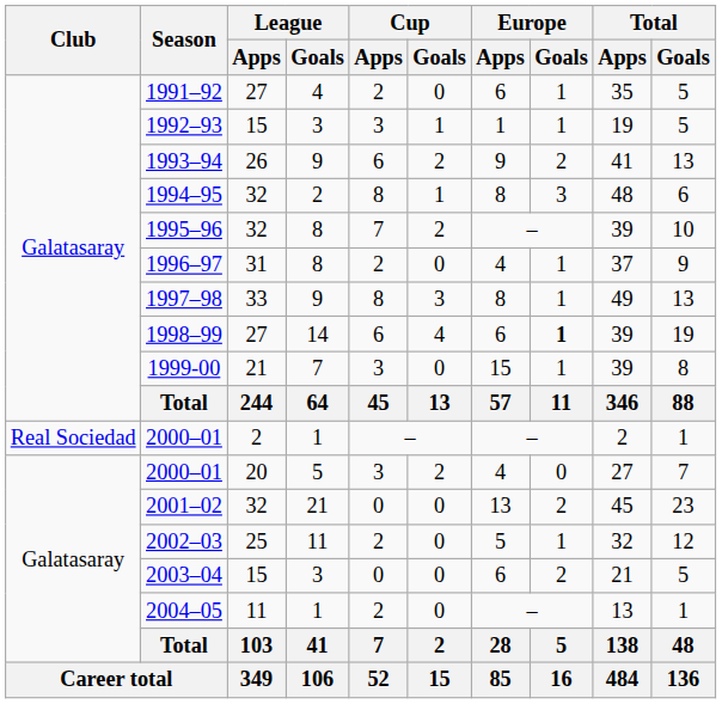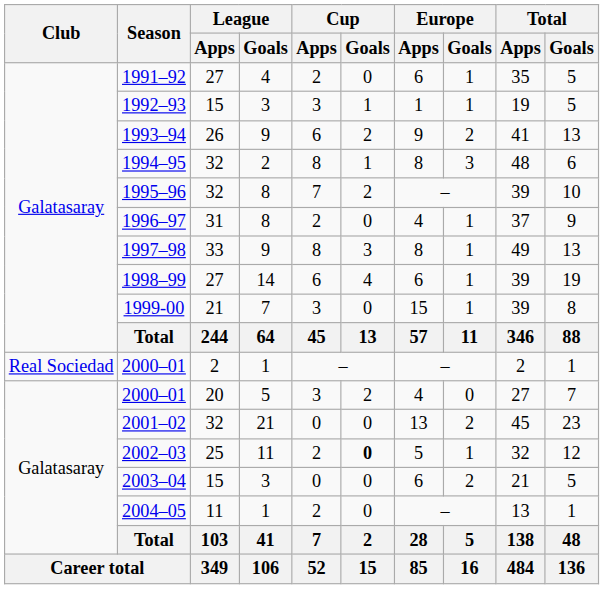 <table class="wikitable" style="text-align:center">
 <tr>
 <th rowspan="2">Club</th>
 <th rowspan="2">Season</th>
 <th colspan="2">League</th>
 <th colspan="2">Cup</th>
 <th colspan="2">Europe</th>
 <th colspan="2">Total</th>
 </tr>
 <tr>
 <th>Apps</th>
 <th>Goals</th>
 <th>Apps</th>
 <th>Goals</th>
 <th>Apps</th>
 <th>Goals</th>
 <th>Apps</th>
 <th>Goals</th>
 </tr>
 <tr>
 <td rowspan="10"><a href='#'>Galatasaray</a></td>
 <td><a href='#'>1991–92</a></td>
 <td>27</td>
 <td>4</td>
 <td>2</td>
 <td>0</td>
 <td>6</td>
 <td>1</td>
 <td>35</td>
 <td>5</td>
 </tr>
 <tr>
 <td><a href='#'>1992–93</a></td>
 <td>15</td>
 <td>3</td>
 <td>3</td>
 <td>1</td>
 <td>1</td>
 <td>1</td>
 <td>19</td>
 <td>5</td>
 </tr>
 <tr>
 <td><a href='#'>1993–94</a></td>
 <td>26</td>
 <td>9</td>
 <td>6</td>
 <td>2</td>
 <td>9</td>
 <td>2</td>
 <td>41</td>
 <td>13</td>
 </tr>
 <tr>
 <td><a href='#'>1994–95</a></td>
 <td>32</td>
 <td>2</td>
 <td>8</td>
 <td>1</td>
 <td>8</td>
 <td>3</td>
 <td>48</td>
 <td>6</td>
 </tr>
 <tr>
 <td><a href='#'>1995–96</a></td>
 <td>32</td>
 <td>8</td>
 <td>7</td>
 <td>2</td>
 <td colspan="2">–</td>
 <td>39</td>
 <td>10</td>
 </tr>
 <tr>
 <td><a href='#'>1996–97</a></td>
 <td>31</td>
 <td>8</td>
 <td>2</td>
 <td>0</td>
 <td>4</td>
 <td>1</td>
 <td>37</td>
 <td>9</td>
 </tr>
 <tr>
 <td><a href='#'>1997–98</a></td>
 <td>33</td>
 <td>9</td>
 <td>8</td>
 <td>3</td>
 <td>8</td>
 <td>1</td>
 <td>49</td>
 <td>13</td>
 </tr>
 <tr>
 <td><a href='#'>1998–99</a></td>
 <td>27</td>
 <td>14</td>
 <td>6</td>
 <td>4</td>
 <td>6</td>
-<td><strong>1</strong></td>
+<td>1</td>
 <td>39</td>
 <td>19</td>
 </tr>
 <tr>
 <td><a href='#'>1999-00</a></td>
 <td>21</td>
 <td>7</td>
 <td>3</td>
 <td>0</td>
 <td>15</td>
 <td>1</td>
 <td>39</td>
 <td>8</td>
 </tr>
 <tr>
 <th>Total</th>
 <th>244</th>
 <th>64</th>
 <th>45</th>
 <th>13</th>
 <th>57</th>
 <th>11</th>
 <th>346</th>
 <th>88</th>
 </tr>
 <tr>
 <td><a href='#'>Real Sociedad</a></td>
 <td><a href='#'>2000–01</a></td>
 <td>2</td>
 <td>1</td>
 <td colspan="2">–</td>
 <td colspan="2">–</td>
 <td>2</td>
 <td>1</td>
 </tr>
 <tr>
 <td rowspan="6">Galatasaray</td>
 <td><a href='#'>2000–01</a></td>
 <td>20</td>
 <td>5</td>
 <td>3</td>
 <td>2</td>
 <td>4</td>
 <td>0</td>
 <td>27</td>
 <td>7</td>
 </tr>
 <tr>
 <td><a href='#'>2001–02</a></td>
 <td>32</td>
 <td>21</td>
 <td>0</td>
 <td>0</td>
 <td>13</td>
 <td>2</td>
 <td>45</td>
 <td>23</td>
 </tr>
 <tr>
 <td><a href='#'>2002–03</a></td>
 <td>25</td>
 <td>11</td>
 <td>2</td>
-<td>0</td>
+<td><strong>0</strong></td>
 <td>5</td>
 <td>1</td>
 <td>32</td>
 <td>12</td>
 </tr>
 <tr>
 <td><a href='#'>2003–04</a></td>
 <td>15</td>
 <td>3</td>
 <td>0</td>
 <td>0</td>
 <td>6</td>
 <td>2</td>
 <td>21</td>
 <td>5</td>
 </tr>
 <tr>
 <td><a href='#'>2004–05</a></td>
 <td>11</td>
 <td>1</td>
 <td>2</td>
 <td>0</td>
 <td colspan="2">–</td>
 <td>13</td>
 <td>1</td>
 </tr>
 <tr>
 <th>Total</th>
 <th>103</th>
 <th>41</th>
 <th>7</th>
 <th>2</th>
 <th>28</th>
 <th>5</th>
 <th>138</th>
 <th>48</th>
 </tr>
 <tr>
 <th colspan="2">Career total</th>
 <th>349</th>
 <th>106</th>
 <th>52</th>
 <th>15</th>
 <th>85</th>
 <th>16</th>
 <th>484</th>
 <th>136</th>
 </tr>
 </table>
